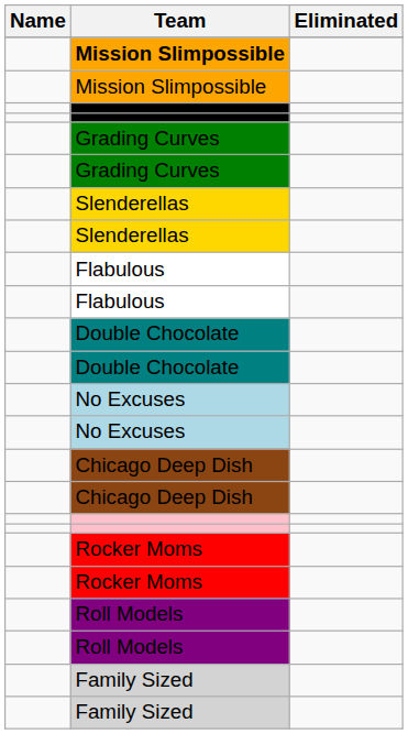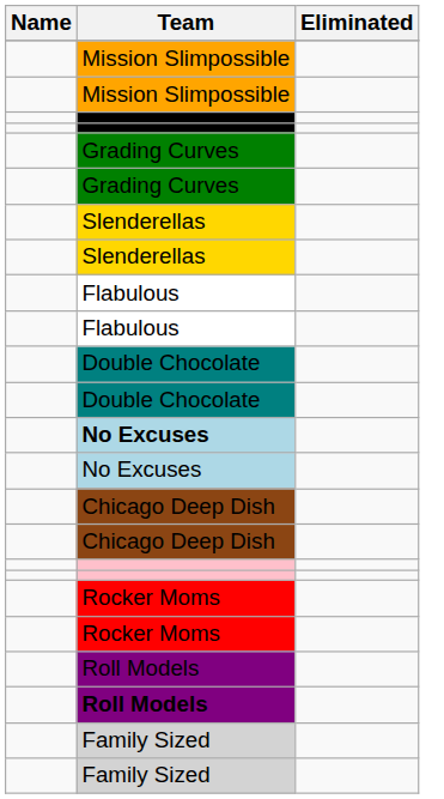 <table class="wikitable sortable">
 <tr>
 <th>Name</th>
 <th>Team</th>
 <th>Eliminated</th>
 </tr>
 <tr>
 </tr>
 <tr>
 <td></td>
-<td bgcolor="orange"><strong>Mission Slimpossible</strong></td>
+<td bgcolor="orange">Mission Slimpossible</td>
 <td></td>
 </tr>
 <tr>
 <td></td>
 <td bgcolor="orange">Mission Slimpossible</td>
 <td></td>
 </tr>
 <tr>
 <td></td>
 <td bgcolor="black"><span></span></td>
 <td></td>
 </tr>
 <tr>
 <td></td>
 <td bgcolor="black"><span></span></td>
 <td></td>
 </tr>
 <tr>
 <td></td>
 <td bgcolor="green"><span>Grading Curves</span></td>
 <td></td>
 </tr>
 <tr>
 <td></td>
 <td bgcolor="green"><span>Grading Curves</span></td>
 <td></td>
 </tr>
 <tr>
 <td></td>
 <td bgcolor="gold">Slenderellas</td>
 <td></td>
 </tr>
 <tr>
 <td></td>
 <td bgcolor="gold">Slenderellas</td>
 <td></td>
 </tr>
 <tr>
 <td></td>
 <td bgcolor="white">Flabulous</td>
 <td></td>
 </tr>
 <tr>
 <td></td>
 <td bgcolor="white">Flabulous</td>
 <td></td>
 </tr>
 <tr>
 <td></td>
 <td bgcolor="teal"><span>Double Chocolate</span></td>
 <td></td>
 </tr>
 <tr>
 <td></td>
 <td bgcolor="teal"><span>Double Chocolate</span></td>
 <td></td>
 </tr>
 <tr>
 <td></td>
-<td bgcolor="lightblue">No Excuses</td>
+<td bgcolor="lightblue"><strong>No Excuses</strong></td>
 <td></td>
 </tr>
 <tr>
 <td></td>
 <td bgcolor="lightblue">No Excuses</td>
 <td></td>
 </tr>
 <tr>
 <td></td>
 <td bgcolor="saddlebrown"><span>Chicago Deep Dish</span></td>
 <td></td>
 </tr>
 <tr>
 <td></td>
 <td bgcolor="saddlebrown"><span>Chicago Deep Dish</span></td>
 <td></td>
 </tr>
 <tr>
 <td></td>
 <td bgcolor="pink"></td>
 <td></td>
 </tr>
 <tr>
 <td></td>
 <td bgcolor="pink"></td>
 <td></td>
 </tr>
 <tr>
 <td></td>
 <td bgcolor="red"><span>Rocker Moms</span></td>
 <td></td>
 </tr>
 <tr>
 <td></td>
 <td bgcolor="red"><span>Rocker Moms</span></td>
 <td></td>
 </tr>
 <tr>
 <td></td>
 <td bgcolor="purple"><span>Roll Models</span></td>
 <td></td>
 </tr>
 <tr>
 <td></td>
-<td bgcolor="purple"><span>Roll Models</span></td>
+<td bgcolor="purple"><strong><span>Roll Models</span></strong></td>
 <td></td>
 </tr>
 <tr>
 <td></td>
 <td bgcolor="lightgrey">Family Sized</td>
 <td></td>
 </tr>
 <tr>
 <td></td>
 <td bgcolor="lightgrey">Family Sized</td>
 <td></td>
 </tr>
 </table>
